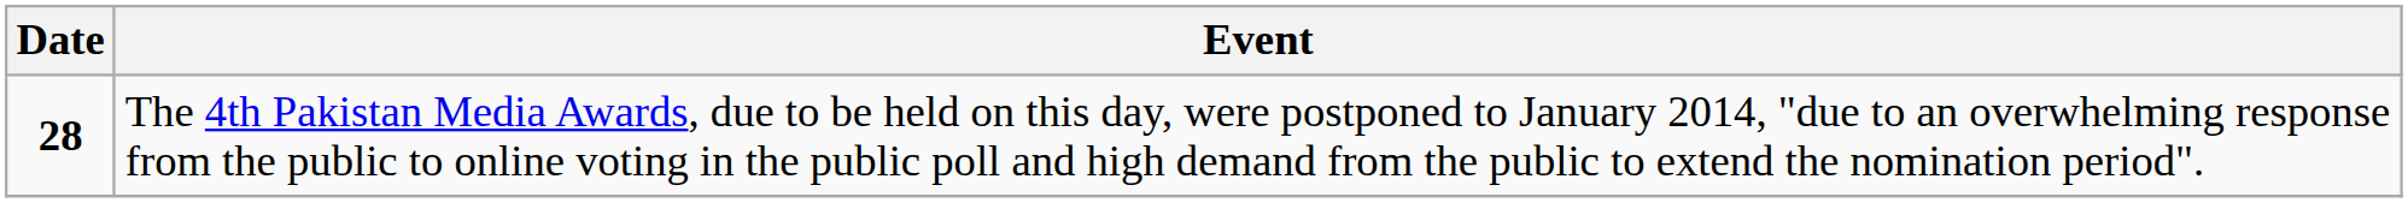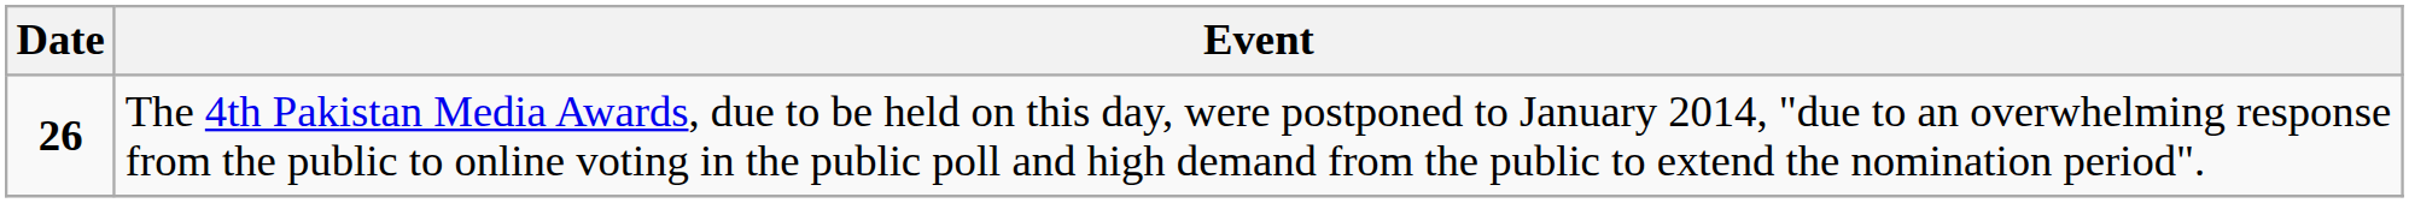 <table class="wikitable">
 <tr>
 <th>Date</th>
 <th>Event</th>
 </tr>
 <tr>
-<td style="text-align:center;"><strong>28</strong></td>
+<td style="text-align:center;"><strong>26</strong></td>
 <td>The <a href='#'>4th Pakistan Media Awards</a>, due to be held on this day, were postponed to January 2014, "due to an overwhelming response from the public to online voting in the public poll and high demand from the public to extend the nomination period".</td>
 </tr>
 <tr>
 </tr>
 </table>
